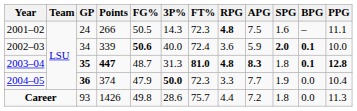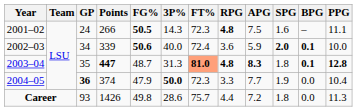 <table class="wikitable sortable">
 <tr>
 <th>Year</th>
 <th>Team</th>
 <th>GP</th>
 <th>Points</th>
 <th>FG%</th>
 <th>3P%</th>
 <th>FT%</th>
 <th>RPG</th>
 <th>APG</th>
 <th>SPG</th>
 <th>BPG</th>
 <th>PPG</th>
 </tr>
 <tr>
 <td>2001–02</td>
 <td rowspan=4><a href='#'>LSU</a></td>
 <td>24</td>
 <td>266</td>
-<td>50.5</td>
+<td><strong>50.5</strong></td>
 <td>14.3</td>
 <td>72.3</td>
 <td><strong>4.8</strong></td>
 <td>7.5</td>
 <td>1.6</td>
 <td>–</td>
 <td>11.1</td>
 </tr>
 <tr>
 <td>2002–03</td>
 <td>34</td>
 <td>339</td>
 <td><strong>50.6</strong></td>
 <td>40.0</td>
 <td>72.4</td>
 <td>3.6</td>
 <td>5.9</td>
 <td><strong>2.0</strong></td>
 <td><strong>0.1</strong></td>
 <td>10.0</td>
 </tr>
 <tr>
 <td><a href='#'>2003–04</a></td>
-<td><strong>35</strong></td>
+<td>35</td>
 <td><strong>447</strong></td>
 <td>48.7</td>
 <td>31.3</td>
-<td><strong>81.0</strong></td>
+<td style="background: lightsalmon;"><strong>81.0</strong></td>
 <td><strong>4.8</strong></td>
 <td><strong>8.3</strong></td>
 <td>1.8</td>
 <td><strong>0.1</strong></td>
 <td><strong>12.8</strong></td>
 </tr>
 <tr>
 <td><a href='#'>2004–05</a></td>
 <td><strong>36</strong></td>
 <td>374</td>
 <td>47.9</td>
 <td><strong>50.0</strong></td>
 <td>72.3</td>
 <td>3.3</td>
 <td>7.7</td>
 <td>1.9</td>
 <td>0.0</td>
 <td>10.4</td>
 </tr>
 <tr class="sortbottom">
 <td colspan=2 align=center><strong>Career</strong></td>
 <td>93</td>
 <td>1426</td>
 <td>49.8</td>
 <td>28.6</td>
 <td>75.7</td>
 <td>4.4</td>
 <td>7.2</td>
 <td>1.8</td>
 <td>0.0</td>
 <td>11.3</td>
 </tr>
 </table>
